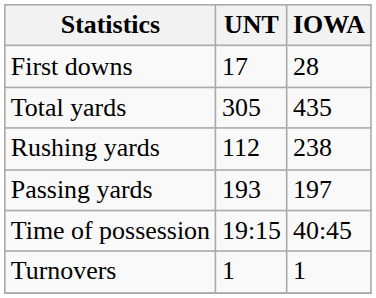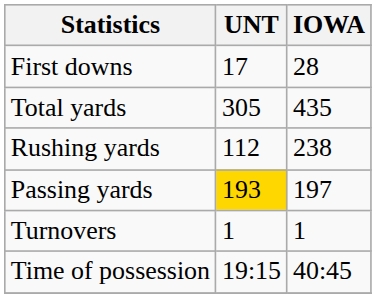 <table class="wikitable">
 <tr>
 <th>Statistics</th>
 <th>UNT</th>
 <th>IOWA</th>
 </tr>
 <tr>
 <td>First downs</td>
 <td>17</td>
 <td>28</td>
 </tr>
 <tr>
 <td>Total yards</td>
 <td>305</td>
 <td>435</td>
 </tr>
 <tr>
 <td>Rushing yards</td>
 <td>112</td>
 <td>238</td>
 </tr>
 <tr>
 <td>Passing yards</td>
-<td>193</td>
+<td style="background: gold;">193</td>
 <td>197</td>
+</tr>
+<tr>
+<td>Turnovers</td>
+<td>1</td>
+<td>1</td>
 </tr>
 <tr>
 <td>Time of possession</td>
 <td>19:15</td>
 <td>40:45</td>
 </tr>
 <tr>
-<td>Turnovers</td>
-<td>1</td>
-<td>1</td>
-</tr>
-<tr>
 </tr>
 </table>
